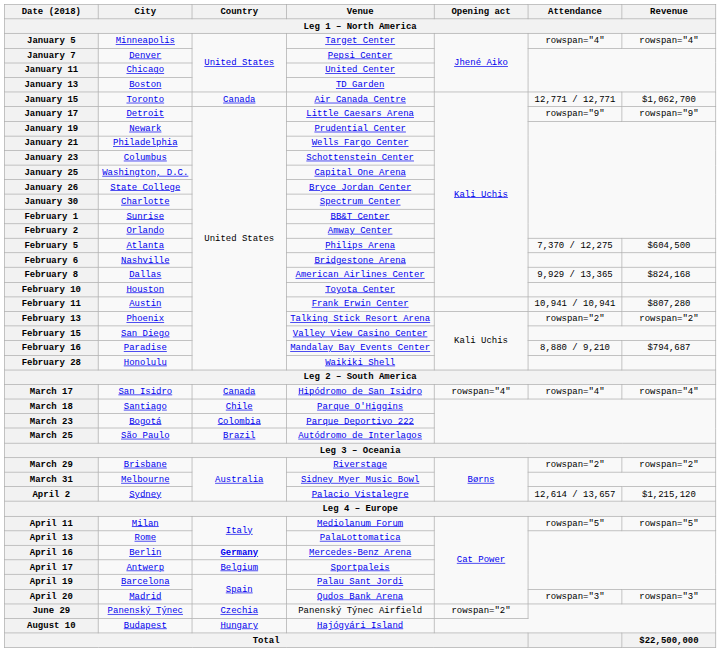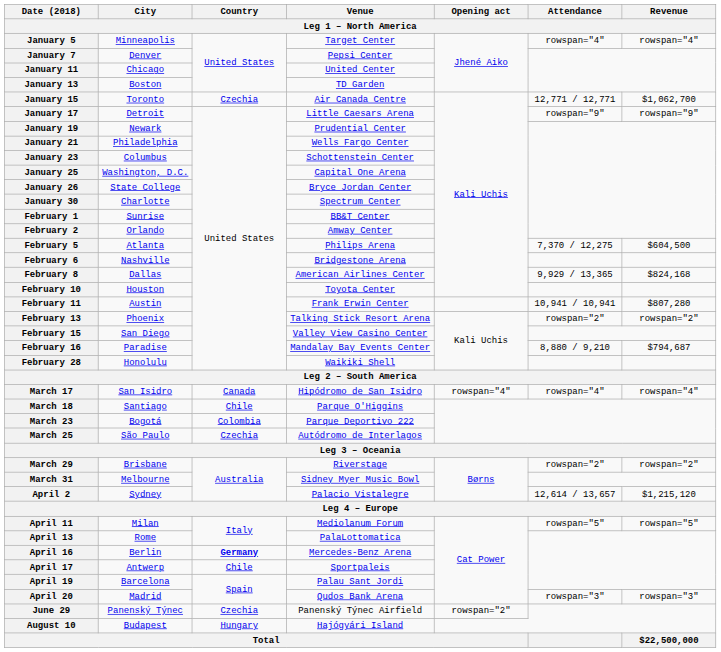 <table class="wikitable plainrowheaders" style="text-align: center;">
 <tr>
 <th scope="col" style="width:10em;">Date (2018)</th>
 <th scope="col" style="width:10em;">City</th>
 <th scope="col" style="width:10em;">Country</th>
 <th scope="col" style="width:16em;">Venue</th>
 <th scope="col" style="width:10em;">Opening act</th>
 <th scope="col" style="width:10em;">Attendance</th>
 <th scope="col" style="width:10em;">Revenue</th>
 </tr>
 <tr>
 <th colspan="7">Leg 1 – North America</th>
 </tr>
 <tr>
 <th scope="row" style="text-align:center;">January 5</th>
 <td><a href='#'>Minneapolis</a></td>
 <td rowspan="4"><a href='#'>United States</a></td>
 <td><a href='#'>Target Center</a></td>
 <td rowspan="4"><a href='#'>Jhené Aiko</a></td>
 <td>rowspan="4" </td>
 <td>rowspan="4" </td>
 </tr>
 <tr>
 <th scope="row" style="text-align:center;">January 7</th>
 <td><a href='#'>Denver</a></td>
 <td><a href='#'>Pepsi Center</a></td>
 </tr>
 <tr>
 <th scope="row" style="text-align:center;">January 11</th>
 <td><a href='#'>Chicago</a></td>
 <td><a href='#'>United Center</a></td>
 </tr>
 <tr>
 <th scope="row" style="text-align:center;">January 13</th>
 <td><a href='#'>Boston</a></td>
 <td><a href='#'>TD Garden</a></td>
 </tr>
 <tr>
 <th scope="row" style="text-align:center;">January 15</th>
 <td><a href='#'>Toronto</a></td>
-<td><a href='#'>Canada</a></td>
+<td><a href='#'>Czechia</a></td>
 <td><a href='#'>Air Canada Centre</a></td>
 <td rowspan="14"><a href='#'>Kali Uchis</a></td>
 <td>12,771 / 12,771</td>
 <td>$1,062,700</td>
 </tr>
 <tr>
 <th scope="row" style="text-align:center;">January 17</th>
 <td><a href='#'>Detroit</a></td>
 <td rowspan="18">United States</td>
 <td><a href='#'>Little Caesars Arena</a></td>
 <td>rowspan="9" </td>
 <td>rowspan="9" </td>
 </tr>
 <tr>
 <th scope="row" style="text-align:center;">January 19</th>
 <td><a href='#'>Newark</a></td>
 <td><a href='#'>Prudential Center</a></td>
 </tr>
 <tr>
 <th scope="row" style="text-align:center;">January 21</th>
 <td><a href='#'>Philadelphia</a></td>
 <td><a href='#'>Wells Fargo Center</a></td>
 </tr>
 <tr>
 <th scope="row" style="text-align:center;">January 23</th>
 <td><a href='#'>Columbus</a></td>
 <td><a href='#'>Schottenstein Center</a></td>
 </tr>
 <tr>
 <th scope="row" style="text-align:center;">January 25</th>
 <td><a href='#'>Washington, D.C.</a></td>
 <td><a href='#'>Capital One Arena</a></td>
 </tr>
 <tr>
 <th scope="row" style="text-align:center;">January 26</th>
 <td><a href='#'>State College</a></td>
 <td><a href='#'>Bryce Jordan Center</a></td>
 </tr>
 <tr>
 <th scope="row" style="text-align:center;">January 30</th>
 <td><a href='#'>Charlotte</a></td>
 <td><a href='#'>Spectrum Center</a></td>
 </tr>
 <tr>
 <th scope="row" style="text-align:center;">February 1</th>
 <td><a href='#'>Sunrise</a></td>
 <td><a href='#'>BB&T Center</a></td>
 </tr>
 <tr>
 <th scope="row" style="text-align:center;">February 2</th>
 <td><a href='#'>Orlando</a></td>
 <td><a href='#'>Amway Center</a></td>
 </tr>
 <tr>
 <th scope="row" style="text-align:center;">February 5</th>
 <td><a href='#'>Atlanta</a></td>
 <td><a href='#'>Philips Arena</a></td>
 <td>7,370 / 12,275</td>
 <td>$604,500</td>
 </tr>
 <tr>
 <th scope="row" style="text-align:center;">February 6</th>
 <td><a href='#'>Nashville</a></td>
 <td><a href='#'>Bridgestone Arena</a></td>
 <td></td>
 <td></td>
 </tr>
 <tr>
 <th scope="row" style="text-align:center;">February 8</th>
 <td><a href='#'>Dallas</a></td>
 <td><a href='#'>American Airlines Center</a></td>
 <td>9,929 / 13,365</td>
 <td>$824,168</td>
 </tr>
 <tr>
 <th scope="row" style="text-align:center;">February 10</th>
 <td><a href='#'>Houston</a></td>
 <td><a href='#'>Toyota Center</a></td>
 <td></td>
 <td></td>
 </tr>
 <tr>
 <th scope="row" style="text-align:center;">February 11</th>
 <td><a href='#'>Austin</a></td>
 <td><a href='#'>Frank Erwin Center</a></td>
 <td></td>
 <td>10,941 / 10,941</td>
 <td>$807,280</td>
 </tr>
 <tr>
 <th scope="row" style="text-align:center;">February 13</th>
 <td><a href='#'>Phoenix</a></td>
 <td><a href='#'>Talking Stick Resort Arena</a></td>
 <td rowspan="4">Kali Uchis</td>
 <td>rowspan="2" </td>
 <td>rowspan="2" </td>
 </tr>
 <tr>
 <th scope="row" style="text-align:center;">February 15</th>
 <td><a href='#'>San Diego</a></td>
 <td><a href='#'>Valley View Casino Center</a></td>
 </tr>
 <tr>
 <th scope="row" style="text-align:center;">February 16</th>
 <td><a href='#'>Paradise</a></td>
 <td><a href='#'>Mandalay Bay Events Center</a></td>
 <td>8,880 / 9,210</td>
 <td>$794,687</td>
 </tr>
 <tr>
 <th scope="row" style="text-align:center;">February 28</th>
 <td><a href='#'>Honolulu</a></td>
 <td><a href='#'>Waikiki Shell</a></td>
 <td></td>
 <td></td>
 </tr>
 <tr>
 <th colspan="7">Leg 2 – South America</th>
 </tr>
 <tr>
 <th scope="row" style="text-align:center;">March 17</th>
 <td><a href='#'>San Isidro</a></td>
 <td><a href='#'>Canada</a></td>
 <td><a href='#'>Hipódromo de San Isidro</a></td>
 <td>rowspan="4" </td>
 <td>rowspan="4" </td>
 <td>rowspan="4" </td>
 </tr>
 <tr>
 <th scope="row" style="text-align:center;">March 18</th>
 <td><a href='#'>Santiago</a></td>
 <td><a href='#'>Chile</a></td>
 <td><a href='#'>Parque O'Higgins</a></td>
 </tr>
 <tr>
 <th scope="row" style="text-align:center;">March 23</th>
 <td><a href='#'>Bogotá</a></td>
 <td><a href='#'>Colombia</a></td>
 <td><a href='#'>Parque Deportivo 222</a></td>
 </tr>
 <tr>
 <th scope="row" style="text-align:center;">March 25</th>
 <td><a href='#'>São Paulo</a></td>
-<td><a href='#'>Brazil</a></td>
+<td><a href='#'>Czechia</a></td>
 <td><a href='#'>Autódromo de Interlagos</a></td>
 </tr>
 <tr>
 <th colspan="7">Leg 3 – Oceania</th>
 </tr>
 <tr>
 <th scope="row" style="text-align:center;">March 29</th>
 <td><a href='#'>Brisbane</a></td>
 <td rowspan="3"><a href='#'>Australia</a></td>
 <td><a href='#'>Riverstage</a></td>
 <td rowspan="3"><a href='#'>Børns</a></td>
 <td>rowspan="2" </td>
 <td>rowspan="2" </td>
 </tr>
 <tr>
 <th scope="row" style="text-align:center;">March 31</th>
 <td><a href='#'>Melbourne</a></td>
 <td><a href='#'>Sidney Myer Music Bowl</a></td>
 </tr>
 <tr>
 <th scope="row" style="text-align:center;">April 2</th>
 <td><a href='#'>Sydney</a></td>
 <td><a href='#'>Palacio Vistalegre</a></td>
 <td>12,614 / 13,657</td>
 <td>$1,215,120</td>
 </tr>
 <tr>
 <th colspan="7">Leg 4 – Europe</th>
 </tr>
 <tr>
 <th scope="row" style="text-align:center;">April 11</th>
 <td><a href='#'>Milan</a></td>
 <td rowspan="2"><a href='#'>Italy</a></td>
 <td><a href='#'>Mediolanum Forum</a></td>
 <td rowspan="6"><a href='#'>Cat Power</a></td>
 <td>rowspan="5" </td>
 <td>rowspan="5" </td>
 </tr>
 <tr>
 <th scope="row" style="text-align:center;">April 13</th>
 <td><a href='#'>Rome</a></td>
 <td><a href='#'>PalaLottomatica</a></td>
 </tr>
 <tr>
 <th scope="row" style="text-align:center;">April 16</th>
 <td><a href='#'>Berlin</a></td>
 <td><strong><a href='#'>Germany</a></strong></td>
 <td><a href='#'>Mercedes-Benz Arena</a></td>
 </tr>
 <tr>
 <th scope="row" style="text-align:center;">April 17</th>
 <td><a href='#'>Antwerp</a></td>
-<td><a href='#'>Belgium</a></td>
+<td><a href='#'>Chile</a></td>
 <td><a href='#'>Sportpaleis</a></td>
 </tr>
 <tr>
 <th scope="row" style="text-align:center;">April 19</th>
 <td><a href='#'>Barcelona</a></td>
 <td rowspan="2"><a href='#'>Spain</a></td>
 <td><a href='#'>Palau Sant Jordi</a></td>
 </tr>
 <tr>
 <th scope="row" style="text-align:center;">April 20</th>
 <td><a href='#'>Madrid</a></td>
 <td><a href='#'>Qudos Bank Arena</a></td>
 <td>rowspan="3" </td>
 <td>rowspan="3" </td>
 </tr>
 <tr>
 <th scope="row" style="text-align:center;">June 29</th>
 <td><a href='#'>Panenský Týnec</a></td>
 <td><a href='#'>Czechia</a></td>
 <td>Panenský Týnec Airfield</td>
 <td>rowspan="2" </td>
 </tr>
 <tr>
 <th scope="row" style="text-align:center;">August 10</th>
 <td><a href='#'>Budapest</a></td>
 <td><a href='#'>Hungary</a></td>
 <td><a href='#'>Hajógyári Island</a></td>
 </tr>
 <tr>
 <th colspan="5">Total</th>
 <th></th>
 <th>$22,500,000</th>
 </tr>
 </table>
